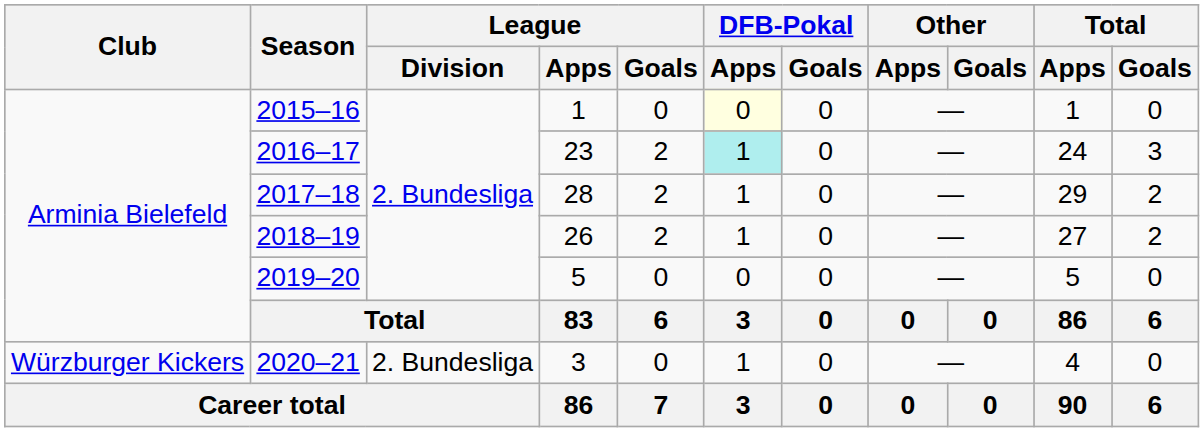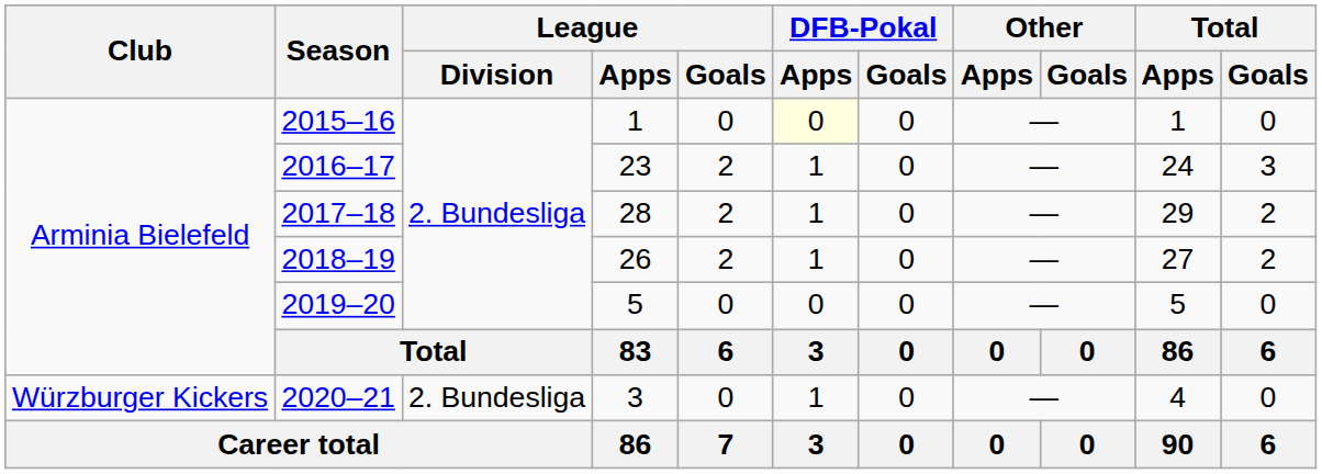 <table class="wikitable" style="text-align:center">
 <tr>
 <th rowspan="2">Club</th>
 <th rowspan="2">Season</th>
 <th colspan="3">League</th>
 <th colspan="2"><a href='#'>DFB-Pokal</a></th>
 <th colspan="2">Other</th>
 <th colspan="2">Total</th>
 </tr>
 <tr>
 <th>Division</th>
 <th>Apps</th>
 <th>Goals</th>
 <th>Apps</th>
 <th>Goals</th>
 <th>Apps</th>
 <th>Goals</th>
 <th>Apps</th>
 <th>Goals</th>
 </tr>
 <tr>
 <td rowspan="6"><a href='#'>Arminia Bielefeld</a></td>
 <td><a href='#'>2015–16</a></td>
 <td rowspan="5"><a href='#'>2. Bundesliga</a></td>
 <td>1</td>
 <td>0</td>
 <td style="background: lightyellow;">0</td>
 <td>0</td>
 <td colspan="2">—</td>
 <td>1</td>
 <td>0</td>
 </tr>
 <tr>
 <td><a href='#'>2016–17</a></td>
 <td>23</td>
 <td>2</td>
-<td style="background: paleturquoise;">1</td>
+<td>1</td>
 <td>0</td>
 <td colspan="2">—</td>
 <td>24</td>
 <td>3</td>
 </tr>
 <tr>
 <td><a href='#'>2017–18</a></td>
 <td>28</td>
 <td>2</td>
 <td>1</td>
 <td>0</td>
 <td colspan="2">—</td>
 <td>29</td>
 <td>2</td>
 </tr>
 <tr>
 <td><a href='#'>2018–19</a></td>
 <td>26</td>
 <td>2</td>
 <td>1</td>
 <td>0</td>
 <td colspan="2">—</td>
 <td>27</td>
 <td>2</td>
 </tr>
 <tr>
 <td><a href='#'>2019–20</a></td>
 <td>5</td>
 <td>0</td>
 <td>0</td>
 <td>0</td>
 <td colspan="2">—</td>
 <td>5</td>
 <td>0</td>
 </tr>
 <tr>
 <th colspan="2">Total</th>
 <th>83</th>
 <th>6</th>
 <th>3</th>
 <th>0</th>
 <th>0</th>
 <th>0</th>
 <th>86</th>
 <th>6</th>
 </tr>
 <tr>
 <td><a href='#'>Würzburger Kickers</a></td>
 <td><a href='#'>2020–21</a></td>
 <td>2. Bundesliga</td>
 <td>3</td>
 <td>0</td>
 <td>1</td>
 <td>0</td>
 <td colspan="2">—</td>
 <td>4</td>
 <td>0</td>
 </tr>
 <tr>
 <th colspan="3">Career total</th>
 <th>86</th>
 <th>7</th>
 <th>3</th>
 <th>0</th>
 <th>0</th>
 <th>0</th>
 <th>90</th>
 <th>6</th>
 </tr>
 </table>
